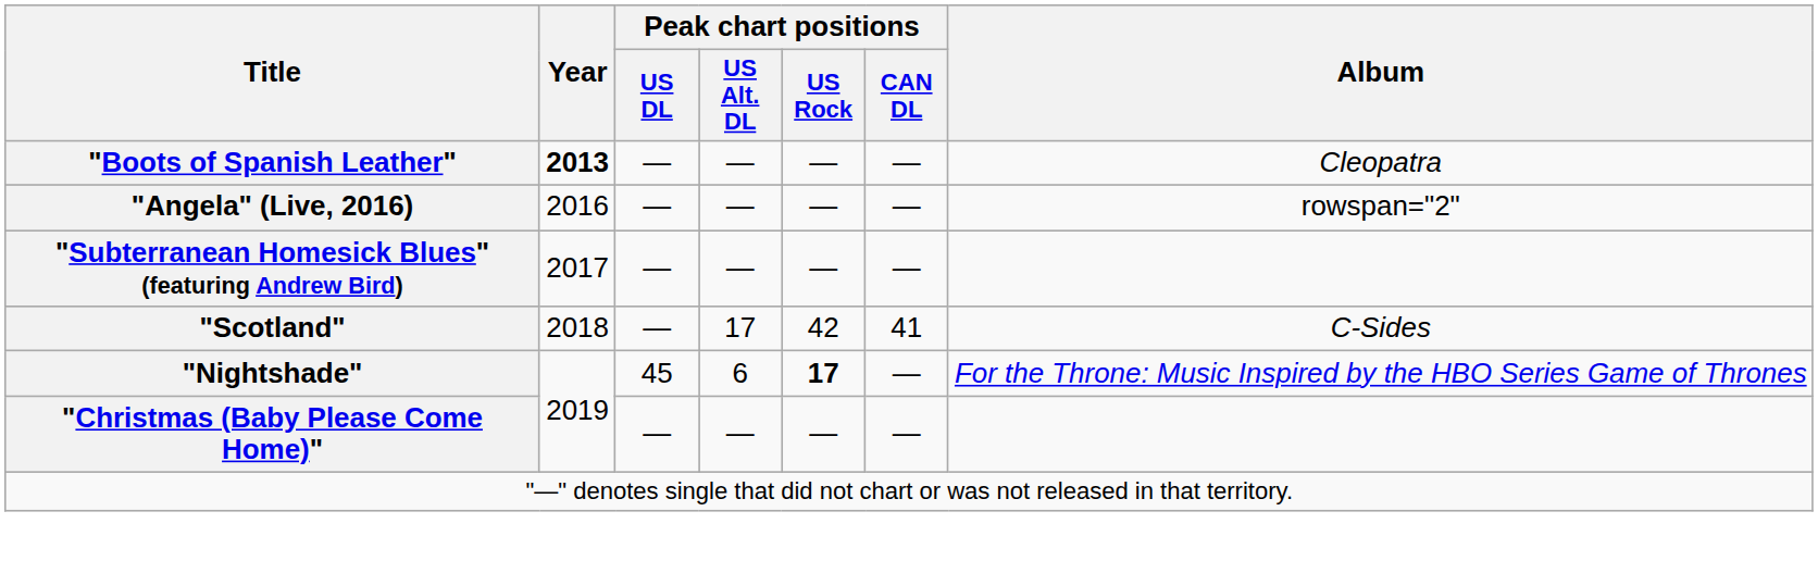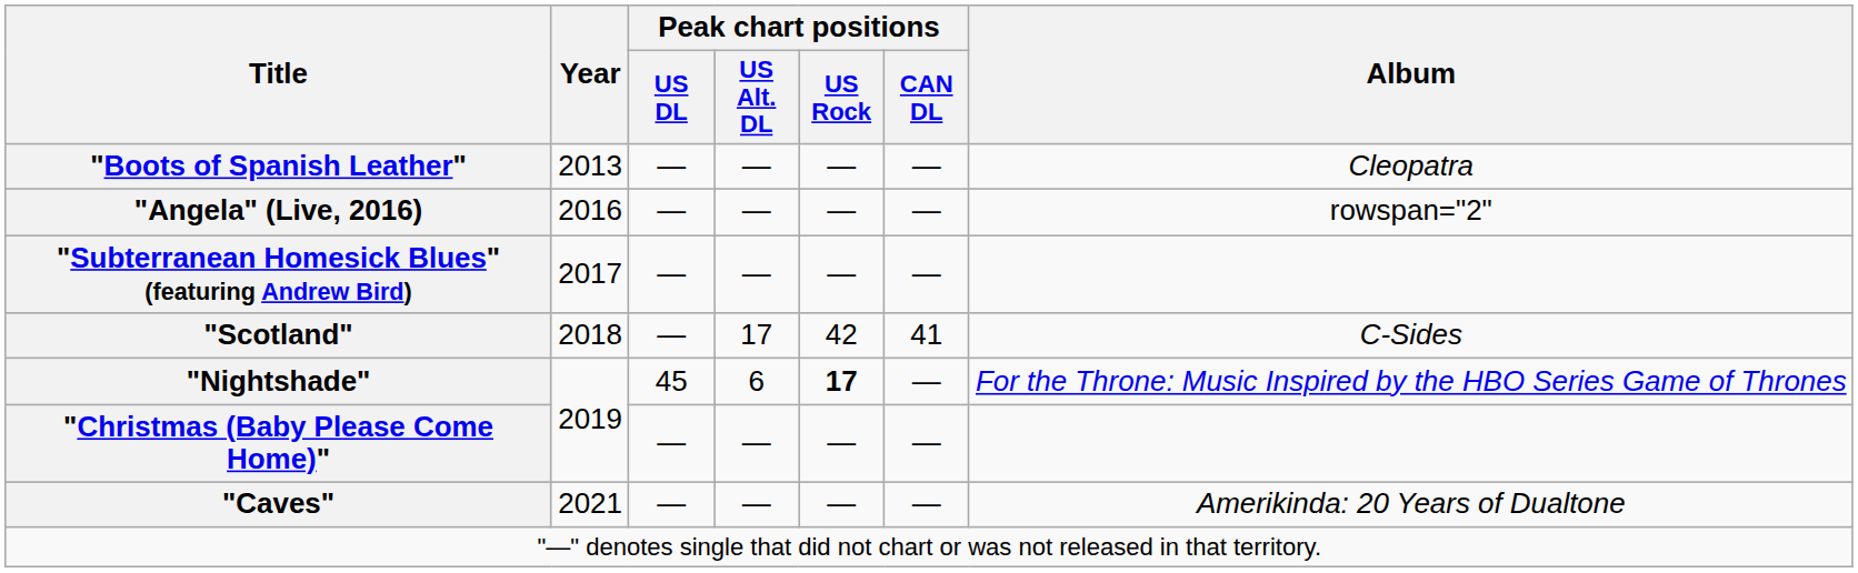 <table class="wikitable plainrowheaders" style="text-align:center;">
 <tr>
 <th scope="col" rowspan="2" style="width:18.5em;">Title</th>
 <th scope="col" rowspan="2">Year</th>
 <th colspan="4">Peak chart positions</th>
 <th scope="col" rowspan="2">Album</th>
 </tr>
 <tr>
 <th scope="col" style="width:3em;font-size:85%;"><a href='#'>US<br>DL</a><br></th>
 <th scope="col" style="width:3em;font-size:85%;"><a href='#'>US<br>Alt.<br>DL</a><br></th>
 <th scope="col" style="width:3em;font-size:85%;"><a href='#'>US<br>Rock</a><br></th>
 <th scope="col" style="width:3em;font-size:85%;"><a href='#'>CAN<br>DL</a><br></th>
 </tr>
 <tr>
 <th scope="row">"<a href='#'>Boots of Spanish Leather</a>"</th>
-<td><strong>2013</strong></td>
+<td>2013</td>
 <td>—</td>
 <td>—</td>
 <td>—</td>
 <td>—</td>
 <td><em>Cleopatra</em></td>
 </tr>
 <tr>
 <th scope="row">"Angela" (Live, 2016)</th>
 <td>2016</td>
 <td>—</td>
 <td>—</td>
 <td>—</td>
 <td>—</td>
 <td>rowspan="2" </td>
 </tr>
 <tr>
 <th scope="row">"<a href='#'>Subterranean Homesick Blues</a>"<br><small>(featuring <a href='#'>Andrew Bird</a>)</small></th>
 <td>2017</td>
 <td>—</td>
 <td>—</td>
 <td>—</td>
 <td>—</td>
 </tr>
 <tr>
 <th scope="row">"Scotland"</th>
 <td>2018</td>
 <td>—</td>
 <td>17</td>
 <td>42</td>
 <td>41</td>
 <td><em>C-Sides</em></td>
 </tr>
 <tr>
 <th scope="row">"Nightshade"</th>
 <td rowspan="2">2019</td>
 <td>45</td>
 <td>6</td>
 <td><strong>17</strong></td>
 <td>—</td>
 <td><em><a href='#'>For the Throne: Music Inspired by the HBO Series Game of Thrones</a></em></td>
 </tr>
 <tr>
 <th scope="row">"<a href='#'>Christmas (Baby Please Come Home)</a>"</th>
 <td>—</td>
 <td>—</td>
 <td>—</td>
 <td>—</td>
 <td></td>
 </tr>
 <tr>
+<th scope="row">"Caves"</th>
+<td>2021</td>
+<td>—</td>
+<td>—</td>
+<td>—</td>
+<td>—</td>
+<td><em>Amerikinda: 20 Years of Dualtone</em></td>
+</tr>
+<tr>
 <td colspan="7" style="font-size:85%;">"—" denotes single that did not chart or was not released in that territory.</td>
 </tr>
 </table>
